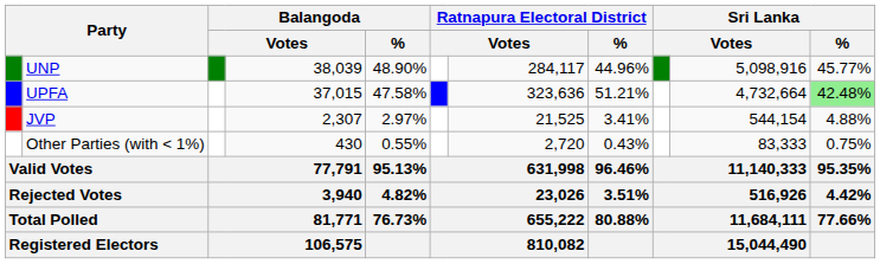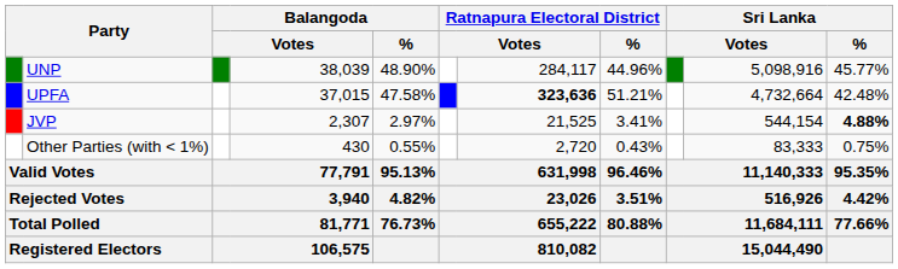 <table class="wikitable">
 <tr>
 <th colspan="2" width="144px"rowspan="2">Party</th>
 <th colspan="3" width="216px">Balangoda</th>
 <th colspan="3" width="216px"><a href='#'>Ratnapura Electoral District</a></th>
 <th colspan="3" width="216px">Sri Lanka</th>
 </tr>
 <tr>
 <th colspan="2" width="144px">Votes</th>
 <th>%</th>
 <th colspan="2" width="144px">Votes</th>
 <th>%</th>
 <th colspan="2" width="144px">Votes</th>
 <th>%</th>
 </tr>
 <tr>
 <td style="background-color:green;" width="10px"></td>
 <td style="text-align:left;"><a href='#'>UNP</a></td>
 <td style="background-color:green;" width="10px"></td>
 <td style="text-align:right;">38,039</td>
 <td style="text-align:right;">48.90%</td>
 <td style="background-color:white;" width="10px"></td>
 <td style="text-align:right;">284,117</td>
 <td style="text-align:right;">44.96%</td>
 <td style="background-color:green;" width="10px"></td>
 <td style="text-align:right;">5,098,916</td>
 <td style="text-align:right;">45.77%</td>
 </tr>
 <tr>
 <td style="background-color:blue;" width="10px"></td>
 <td style="text-align:left;"><a href='#'>UPFA</a></td>
 <td style="background-color:white;" width="10px"></td>
 <td style="text-align:right;">37,015</td>
 <td style="text-align:right;">47.58%</td>
 <td style="background-color:blue;" width="10px"></td>
-<td style="text-align:right;">323,636</td>
+<td style="text-align:right;"><strong>323,636</strong></td>
 <td style="text-align:right;">51.21%</td>
 <td style="background-color:white;" width="10px"></td>
 <td style="text-align:right;">4,732,664</td>
-<td style="background: lightgreen; text-align:right;">42.48%</td>
+<td style="text-align:right;">42.48%</td>
 </tr>
 <tr>
 <td style="background-color:red;" width="10px"></td>
 <td style="text-align:left;"><a href='#'>JVP</a></td>
 <td style="background-color:white;" width="10px"></td>
 <td style="text-align:right;">2,307</td>
 <td style="text-align:right;">2.97%</td>
 <td style="background-color:white;" width="10px"></td>
 <td style="text-align:right;">21,525</td>
 <td style="text-align:right;">3.41%</td>
 <td style="background-color:white;" width="10px"></td>
 <td style="text-align:right;">544,154</td>
-<td style="text-align:right;">4.88%</td>
+<td style="text-align:right;"><strong>4.88%</strong></td>
 </tr>
 <tr>
 <td style="background-color:white;" width="10px"></td>
 <td style="text-align:left;">Other Parties (with < 1%)</td>
 <td style="background-color:white;" width="10px"></td>
 <td style="text-align:right;">430</td>
 <td style="text-align:right;">0.55%</td>
 <td style="background-color:white;" width="10px"></td>
 <td style="text-align:right;">2,720</td>
 <td style="text-align:right;">0.43%</td>
 <td style="background-color:white;" width="10px"></td>
 <td style="text-align:right;">83,333</td>
 <td style="text-align:right;">0.75%</td>
 </tr>
 <tr>
 <th colspan="2" width="144px"style="text-align:left;">Valid Votes</th>
 <th style="text-align:right;"colspan="2" width="144px">77,791</th>
 <th style="text-align:right;">95.13%</th>
 <th style="text-align:right;"colspan="2" width="144px">631,998</th>
 <th style="text-align:right;">96.46%</th>
 <th style="text-align:right;"colspan="2" width="144px">11,140,333</th>
 <th style="text-align:right;">95.35%</th>
 </tr>
 <tr>
 <th colspan="2" width="144px"style="text-align:left;">Rejected Votes</th>
 <th style="text-align:right;"colspan="2" width="144px">3,940</th>
 <th style="text-align:right;">4.82%</th>
 <th style="text-align:right;"colspan="2" width="144px">23,026</th>
 <th style="text-align:right;">3.51%</th>
 <th style="text-align:right;"colspan="2" width="144px">516,926</th>
 <th style="text-align:right;">4.42%</th>
 </tr>
 <tr>
 <th colspan="2" width="144px"style="text-align:left;">Total Polled</th>
 <th style="text-align:right;"colspan="2" width="144px">81,771</th>
 <th style="text-align:right;">76.73%</th>
 <th style="text-align:right;"colspan="2" width="144px">655,222</th>
 <th style="text-align:right;">80.88%</th>
 <th style="text-align:right;"colspan="2" width="144px">11,684,111</th>
 <th style="text-align:right;">77.66%</th>
 </tr>
 <tr>
 <th colspan="2" width="144px"style="text-align:left;">Registered Electors</th>
 <th style="text-align:right;"colspan="2" width="144px">106,575</th>
 <th></th>
 <th style="text-align:right;"colspan="2" width="144px">810,082</th>
 <th></th>
 <th style="text-align:right;"colspan="2" width="144px">15,044,490</th>
 <th></th>
 </tr>
 </table>
